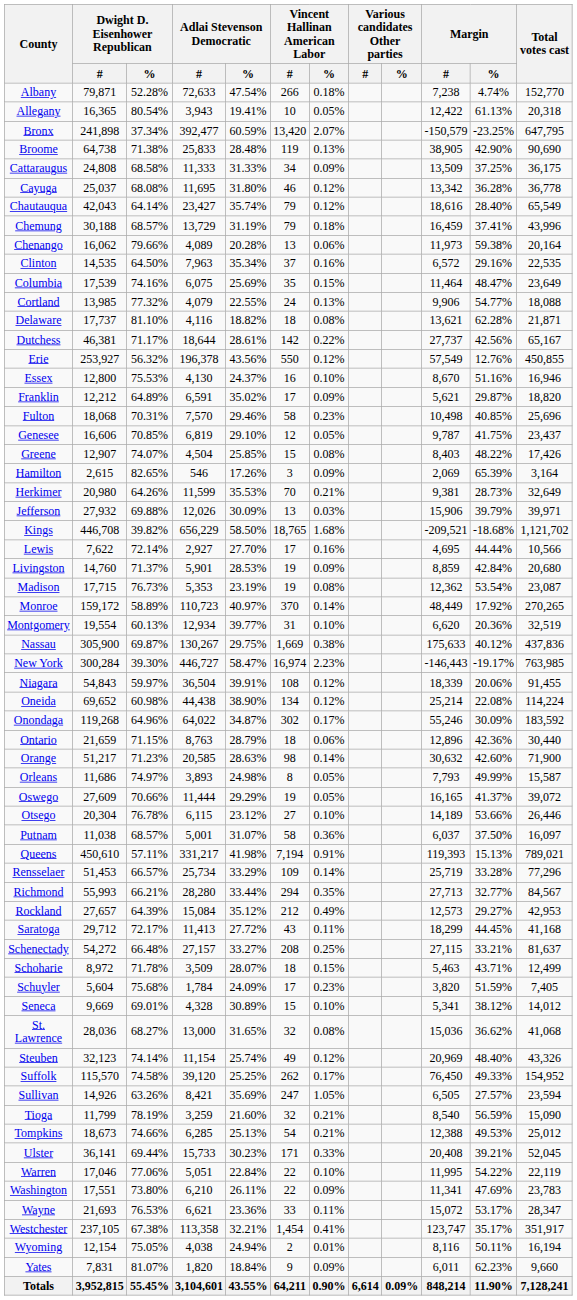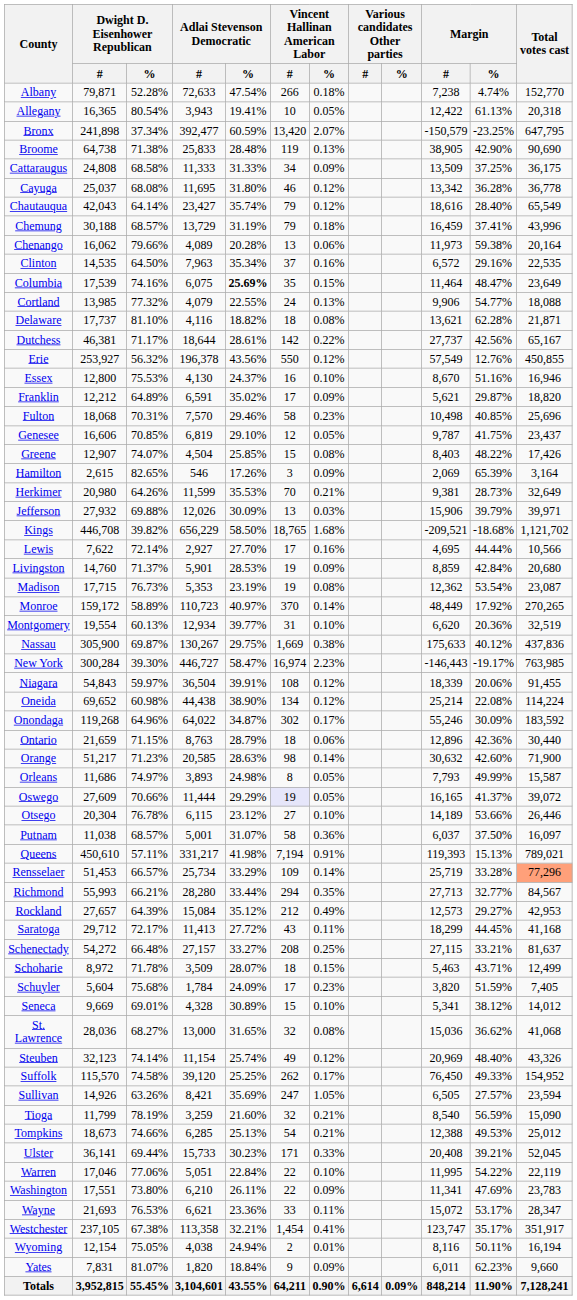 <table width="60%" class="wikitable sortable">
 <tr>
 <th style="text-align:center;" rowspan="2">County</th>
 <th style="text-align:center;" colspan="2">Dwight D. Eisenhower<br>Republican</th>
 <th style="text-align:center;" colspan="2">Adlai Stevenson<br>Democratic</th>
 <th style="text-align:center;" colspan="2">Vincent Hallinan<br>American Labor</th>
 <th style="text-align:center;" colspan="2">Various candidates<br>Other parties</th>
 <th style="text-align:center;" colspan="2">Margin</th>
 <th rowspan="2" style="text-align:center;">Total votes cast</th>
 </tr>
 <tr>
 <th style="text-align:center;" data-sort-type="number">#</th>
 <th style="text-align:center;" data-sort-type="number">%</th>
 <th style="text-align:center;" data-sort-type="number">#</th>
 <th style="text-align:center;" data-sort-type="number">%</th>
 <th style="text-align:center;" data-sort-type="number">#</th>
 <th style="text-align:center;" data-sort-type="number">%</th>
 <th style="text-align:center;" data-sort-type="number">#</th>
 <th style="text-align:center;" data-sort-type="number">%</th>
 <th style="text-align:center;" data-sort-type="number">#</th>
 <th style="text-align:center;" data-sort-type="number">%</th>
 </tr>
 <tr style="text-align:center;">
 <td><a href='#'>Albany</a></td>
 <td>79,871</td>
 <td>52.28%</td>
 <td>72,633</td>
 <td>47.54%</td>
 <td>266</td>
 <td>0.18%</td>
 <td></td>
 <td></td>
 <td>7,238</td>
 <td>4.74%</td>
 <td>152,770</td>
 </tr>
 <tr style="text-align:center;">
 <td><a href='#'>Allegany</a></td>
 <td>16,365</td>
 <td>80.54%</td>
 <td>3,943</td>
 <td>19.41%</td>
 <td>10</td>
 <td>0.05%</td>
 <td></td>
 <td></td>
 <td>12,422</td>
 <td>61.13%</td>
 <td>20,318</td>
 </tr>
 <tr style="text-align:center;">
 <td><a href='#'>Bronx</a></td>
 <td>241,898</td>
 <td>37.34%</td>
 <td>392,477</td>
 <td>60.59%</td>
 <td>13,420</td>
 <td>2.07%</td>
 <td></td>
 <td></td>
 <td>-150,579</td>
 <td>-23.25%</td>
 <td>647,795</td>
 </tr>
 <tr style="text-align:center;">
 <td><a href='#'>Broome</a></td>
 <td>64,738</td>
 <td>71.38%</td>
 <td>25,833</td>
 <td>28.48%</td>
 <td>119</td>
 <td>0.13%</td>
 <td></td>
 <td></td>
 <td>38,905</td>
 <td>42.90%</td>
 <td>90,690</td>
 </tr>
 <tr style="text-align:center;">
 <td><a href='#'>Cattaraugus</a></td>
 <td>24,808</td>
 <td>68.58%</td>
 <td>11,333</td>
 <td>31.33%</td>
 <td>34</td>
 <td>0.09%</td>
 <td></td>
 <td></td>
 <td>13,509</td>
 <td>37.25%</td>
 <td>36,175</td>
 </tr>
 <tr style="text-align:center;">
 <td><a href='#'>Cayuga</a></td>
 <td>25,037</td>
 <td>68.08%</td>
 <td>11,695</td>
 <td>31.80%</td>
 <td>46</td>
 <td>0.12%</td>
 <td></td>
 <td></td>
 <td>13,342</td>
 <td>36.28%</td>
 <td>36,778</td>
 </tr>
 <tr style="text-align:center;">
 <td><a href='#'>Chautauqua</a></td>
 <td>42,043</td>
 <td>64.14%</td>
 <td>23,427</td>
 <td>35.74%</td>
 <td>79</td>
 <td>0.12%</td>
 <td></td>
 <td></td>
 <td>18,616</td>
 <td>28.40%</td>
 <td>65,549</td>
 </tr>
 <tr style="text-align:center;">
 <td><a href='#'>Chemung</a></td>
 <td>30,188</td>
 <td>68.57%</td>
 <td>13,729</td>
 <td>31.19%</td>
 <td>79</td>
 <td>0.18%</td>
 <td></td>
 <td></td>
 <td>16,459</td>
 <td>37.41%</td>
 <td>43,996</td>
 </tr>
 <tr style="text-align:center;">
 <td><a href='#'>Chenango</a></td>
 <td>16,062</td>
 <td>79.66%</td>
 <td>4,089</td>
 <td>20.28%</td>
 <td>13</td>
 <td>0.06%</td>
 <td></td>
 <td></td>
 <td>11,973</td>
 <td>59.38%</td>
 <td>20,164</td>
 </tr>
 <tr style="text-align:center;">
 <td><a href='#'>Clinton</a></td>
 <td>14,535</td>
 <td>64.50%</td>
 <td>7,963</td>
 <td>35.34%</td>
 <td>37</td>
 <td>0.16%</td>
 <td></td>
 <td></td>
 <td>6,572</td>
 <td>29.16%</td>
 <td>22,535</td>
 </tr>
 <tr style="text-align:center;">
 <td><a href='#'>Columbia</a></td>
 <td>17,539</td>
 <td>74.16%</td>
 <td>6,075</td>
-<td>25.69%</td>
+<td><strong>25.69%</strong></td>
 <td>35</td>
 <td>0.15%</td>
 <td></td>
 <td></td>
 <td>11,464</td>
 <td>48.47%</td>
 <td>23,649</td>
 </tr>
 <tr style="text-align:center;">
 <td><a href='#'>Cortland</a></td>
 <td>13,985</td>
 <td>77.32%</td>
 <td>4,079</td>
 <td>22.55%</td>
 <td>24</td>
 <td>0.13%</td>
 <td></td>
 <td></td>
 <td>9,906</td>
 <td>54.77%</td>
 <td>18,088</td>
 </tr>
 <tr style="text-align:center;">
 <td><a href='#'>Delaware</a></td>
 <td>17,737</td>
 <td>81.10%</td>
 <td>4,116</td>
 <td>18.82%</td>
 <td>18</td>
 <td>0.08%</td>
 <td></td>
 <td></td>
 <td>13,621</td>
 <td>62.28%</td>
 <td>21,871</td>
 </tr>
 <tr style="text-align:center;">
 <td><a href='#'>Dutchess</a></td>
 <td>46,381</td>
 <td>71.17%</td>
 <td>18,644</td>
 <td>28.61%</td>
 <td>142</td>
 <td>0.22%</td>
 <td></td>
 <td></td>
 <td>27,737</td>
 <td>42.56%</td>
 <td>65,167</td>
 </tr>
 <tr style="text-align:center;">
 <td><a href='#'>Erie</a></td>
 <td>253,927</td>
 <td>56.32%</td>
 <td>196,378</td>
 <td>43.56%</td>
 <td>550</td>
 <td>0.12%</td>
 <td></td>
 <td></td>
 <td>57,549</td>
 <td>12.76%</td>
 <td>450,855</td>
 </tr>
 <tr style="text-align:center;">
 <td><a href='#'>Essex</a></td>
 <td>12,800</td>
 <td>75.53%</td>
 <td>4,130</td>
 <td>24.37%</td>
 <td>16</td>
 <td>0.10%</td>
 <td></td>
 <td></td>
 <td>8,670</td>
 <td>51.16%</td>
 <td>16,946</td>
 </tr>
 <tr style="text-align:center;">
 <td><a href='#'>Franklin</a></td>
 <td>12,212</td>
 <td>64.89%</td>
 <td>6,591</td>
 <td>35.02%</td>
 <td>17</td>
 <td>0.09%</td>
 <td></td>
 <td></td>
 <td>5,621</td>
 <td>29.87%</td>
 <td>18,820</td>
 </tr>
 <tr style="text-align:center;">
 <td><a href='#'>Fulton</a></td>
 <td>18,068</td>
 <td>70.31%</td>
 <td>7,570</td>
 <td>29.46%</td>
 <td>58</td>
 <td>0.23%</td>
 <td></td>
 <td></td>
 <td>10,498</td>
 <td>40.85%</td>
 <td>25,696</td>
 </tr>
 <tr style="text-align:center;">
 <td><a href='#'>Genesee</a></td>
 <td>16,606</td>
 <td>70.85%</td>
 <td>6,819</td>
 <td>29.10%</td>
 <td>12</td>
 <td>0.05%</td>
 <td></td>
 <td></td>
 <td>9,787</td>
 <td>41.75%</td>
 <td>23,437</td>
 </tr>
 <tr style="text-align:center;">
 <td><a href='#'>Greene</a></td>
 <td>12,907</td>
 <td>74.07%</td>
 <td>4,504</td>
 <td>25.85%</td>
 <td>15</td>
 <td>0.08%</td>
 <td></td>
 <td></td>
 <td>8,403</td>
 <td>48.22%</td>
 <td>17,426</td>
 </tr>
 <tr style="text-align:center;">
 <td><a href='#'>Hamilton</a></td>
 <td>2,615</td>
 <td>82.65%</td>
 <td>546</td>
 <td>17.26%</td>
 <td>3</td>
 <td>0.09%</td>
 <td></td>
 <td></td>
 <td>2,069</td>
 <td>65.39%</td>
 <td>3,164</td>
 </tr>
 <tr style="text-align:center;">
 <td><a href='#'>Herkimer</a></td>
 <td>20,980</td>
 <td>64.26%</td>
 <td>11,599</td>
 <td>35.53%</td>
 <td>70</td>
 <td>0.21%</td>
 <td></td>
 <td></td>
 <td>9,381</td>
 <td>28.73%</td>
 <td>32,649</td>
 </tr>
 <tr style="text-align:center;">
 <td><a href='#'>Jefferson</a></td>
 <td>27,932</td>
 <td>69.88%</td>
 <td>12,026</td>
 <td>30.09%</td>
 <td>13</td>
 <td>0.03%</td>
 <td></td>
 <td></td>
 <td>15,906</td>
 <td>39.79%</td>
 <td>39,971</td>
 </tr>
 <tr style="text-align:center;">
 <td><a href='#'>Kings</a></td>
 <td>446,708</td>
 <td>39.82%</td>
 <td>656,229</td>
 <td>58.50%</td>
 <td>18,765</td>
 <td>1.68%</td>
 <td></td>
 <td></td>
 <td>-209,521</td>
 <td>-18.68%</td>
 <td>1,121,702</td>
 </tr>
 <tr style="text-align:center;">
 <td><a href='#'>Lewis</a></td>
 <td>7,622</td>
 <td>72.14%</td>
 <td>2,927</td>
 <td>27.70%</td>
 <td>17</td>
 <td>0.16%</td>
 <td></td>
 <td></td>
 <td>4,695</td>
 <td>44.44%</td>
 <td>10,566</td>
 </tr>
 <tr style="text-align:center;">
 <td><a href='#'>Livingston</a></td>
 <td>14,760</td>
 <td>71.37%</td>
 <td>5,901</td>
 <td>28.53%</td>
 <td>19</td>
 <td>0.09%</td>
 <td></td>
 <td></td>
 <td>8,859</td>
 <td>42.84%</td>
 <td>20,680</td>
 </tr>
 <tr style="text-align:center;">
 <td><a href='#'>Madison</a></td>
 <td>17,715</td>
 <td>76.73%</td>
 <td>5,353</td>
 <td>23.19%</td>
 <td>19</td>
 <td>0.08%</td>
 <td></td>
 <td></td>
 <td>12,362</td>
 <td>53.54%</td>
 <td>23,087</td>
 </tr>
 <tr style="text-align:center;">
 <td><a href='#'>Monroe</a></td>
 <td>159,172</td>
 <td>58.89%</td>
 <td>110,723</td>
 <td>40.97%</td>
 <td>370</td>
 <td>0.14%</td>
 <td></td>
 <td></td>
 <td>48,449</td>
 <td>17.92%</td>
 <td>270,265</td>
 </tr>
 <tr style="text-align:center;">
 <td><a href='#'>Montgomery</a></td>
 <td>19,554</td>
 <td>60.13%</td>
 <td>12,934</td>
 <td>39.77%</td>
 <td>31</td>
 <td>0.10%</td>
 <td></td>
 <td></td>
 <td>6,620</td>
 <td>20.36%</td>
 <td>32,519</td>
 </tr>
 <tr style="text-align:center;">
 <td><a href='#'>Nassau</a></td>
 <td>305,900</td>
 <td>69.87%</td>
 <td>130,267</td>
 <td>29.75%</td>
 <td>1,669</td>
 <td>0.38%</td>
 <td></td>
 <td></td>
 <td>175,633</td>
 <td>40.12%</td>
 <td>437,836</td>
 </tr>
 <tr style="text-align:center;">
 <td><a href='#'>New York</a></td>
 <td>300,284</td>
 <td>39.30%</td>
 <td>446,727</td>
 <td>58.47%</td>
 <td>16,974</td>
 <td>2.23%</td>
 <td></td>
 <td></td>
 <td>-146,443</td>
 <td>-19.17%</td>
 <td>763,985</td>
 </tr>
 <tr style="text-align:center;">
 <td><a href='#'>Niagara</a></td>
 <td>54,843</td>
 <td>59.97%</td>
 <td>36,504</td>
 <td>39.91%</td>
 <td>108</td>
 <td>0.12%</td>
 <td></td>
 <td></td>
 <td>18,339</td>
 <td>20.06%</td>
 <td>91,455</td>
 </tr>
 <tr style="text-align:center;">
 <td><a href='#'>Oneida</a></td>
 <td>69,652</td>
 <td>60.98%</td>
 <td>44,438</td>
 <td>38.90%</td>
 <td>134</td>
 <td>0.12%</td>
 <td></td>
 <td></td>
 <td>25,214</td>
 <td>22.08%</td>
 <td>114,224</td>
 </tr>
 <tr style="text-align:center;">
 <td><a href='#'>Onondaga</a></td>
 <td>119,268</td>
 <td>64.96%</td>
 <td>64,022</td>
 <td>34.87%</td>
 <td>302</td>
 <td>0.17%</td>
 <td></td>
 <td></td>
 <td>55,246</td>
 <td>30.09%</td>
 <td>183,592</td>
 </tr>
 <tr style="text-align:center;">
 <td><a href='#'>Ontario</a></td>
 <td>21,659</td>
 <td>71.15%</td>
 <td>8,763</td>
 <td>28.79%</td>
 <td>18</td>
 <td>0.06%</td>
 <td></td>
 <td></td>
 <td>12,896</td>
 <td>42.36%</td>
 <td>30,440</td>
 </tr>
 <tr style="text-align:center;">
 <td><a href='#'>Orange</a></td>
 <td>51,217</td>
 <td>71.23%</td>
 <td>20,585</td>
 <td>28.63%</td>
 <td>98</td>
 <td>0.14%</td>
 <td></td>
 <td></td>
 <td>30,632</td>
 <td>42.60%</td>
 <td>71,900</td>
 </tr>
 <tr style="text-align:center;">
 <td><a href='#'>Orleans</a></td>
 <td>11,686</td>
 <td>74.97%</td>
 <td>3,893</td>
 <td>24.98%</td>
 <td>8</td>
 <td>0.05%</td>
 <td></td>
 <td></td>
 <td>7,793</td>
 <td>49.99%</td>
 <td>15,587</td>
 </tr>
 <tr style="text-align:center;">
 <td><a href='#'>Oswego</a></td>
 <td>27,609</td>
 <td>70.66%</td>
 <td>11,444</td>
 <td>29.29%</td>
-<td>19</td>
+<td style="background: lavender;">19</td>
 <td>0.05%</td>
 <td></td>
 <td></td>
 <td>16,165</td>
 <td>41.37%</td>
 <td>39,072</td>
 </tr>
 <tr style="text-align:center;">
 <td><a href='#'>Otsego</a></td>
 <td>20,304</td>
 <td>76.78%</td>
 <td>6,115</td>
 <td>23.12%</td>
 <td>27</td>
 <td>0.10%</td>
 <td></td>
 <td></td>
 <td>14,189</td>
 <td>53.66%</td>
 <td>26,446</td>
 </tr>
 <tr style="text-align:center;">
 <td><a href='#'>Putnam</a></td>
 <td>11,038</td>
 <td>68.57%</td>
 <td>5,001</td>
 <td>31.07%</td>
 <td>58</td>
 <td>0.36%</td>
 <td></td>
 <td></td>
 <td>6,037</td>
 <td>37.50%</td>
 <td>16,097</td>
 </tr>
 <tr style="text-align:center;">
 <td><a href='#'>Queens</a></td>
 <td>450,610</td>
 <td>57.11%</td>
 <td>331,217</td>
 <td>41.98%</td>
 <td>7,194</td>
 <td>0.91%</td>
 <td></td>
 <td></td>
 <td>119,393</td>
 <td>15.13%</td>
 <td>789,021</td>
 </tr>
 <tr style="text-align:center;">
 <td><a href='#'>Rensselaer</a></td>
 <td>51,453</td>
 <td>66.57%</td>
 <td>25,734</td>
 <td>33.29%</td>
 <td>109</td>
 <td>0.14%</td>
 <td></td>
 <td></td>
 <td>25,719</td>
 <td>33.28%</td>
-<td>77,296</td>
+<td style="background: lightsalmon;">77,296</td>
 </tr>
 <tr style="text-align:center;">
 <td><a href='#'>Richmond</a></td>
 <td>55,993</td>
 <td>66.21%</td>
 <td>28,280</td>
 <td>33.44%</td>
 <td>294</td>
 <td>0.35%</td>
 <td></td>
 <td></td>
 <td>27,713</td>
 <td>32.77%</td>
 <td>84,567</td>
 </tr>
 <tr style="text-align:center;">
 <td><a href='#'>Rockland</a></td>
 <td>27,657</td>
 <td>64.39%</td>
 <td>15,084</td>
 <td>35.12%</td>
 <td>212</td>
 <td>0.49%</td>
 <td></td>
 <td></td>
 <td>12,573</td>
 <td>29.27%</td>
 <td>42,953</td>
 </tr>
 <tr style="text-align:center;">
 <td><a href='#'>Saratoga</a></td>
 <td>29,712</td>
 <td>72.17%</td>
 <td>11,413</td>
 <td>27.72%</td>
 <td>43</td>
 <td>0.11%</td>
 <td></td>
 <td></td>
 <td>18,299</td>
 <td>44.45%</td>
 <td>41,168</td>
 </tr>
 <tr style="text-align:center;">
 <td><a href='#'>Schenectady</a></td>
 <td>54,272</td>
 <td>66.48%</td>
 <td>27,157</td>
 <td>33.27%</td>
 <td>208</td>
 <td>0.25%</td>
 <td></td>
 <td></td>
 <td>27,115</td>
 <td>33.21%</td>
 <td>81,637</td>
 </tr>
 <tr style="text-align:center;">
 <td><a href='#'>Schoharie</a></td>
 <td>8,972</td>
 <td>71.78%</td>
 <td>3,509</td>
 <td>28.07%</td>
 <td>18</td>
 <td>0.15%</td>
 <td></td>
 <td></td>
 <td>5,463</td>
 <td>43.71%</td>
 <td>12,499</td>
 </tr>
 <tr style="text-align:center;">
 <td><a href='#'>Schuyler</a></td>
 <td>5,604</td>
 <td>75.68%</td>
 <td>1,784</td>
 <td>24.09%</td>
 <td>17</td>
 <td>0.23%</td>
 <td></td>
 <td></td>
 <td>3,820</td>
 <td>51.59%</td>
 <td>7,405</td>
 </tr>
 <tr style="text-align:center;">
 <td><a href='#'>Seneca</a></td>
 <td>9,669</td>
 <td>69.01%</td>
 <td>4,328</td>
 <td>30.89%</td>
 <td>15</td>
 <td>0.10%</td>
 <td></td>
 <td></td>
 <td>5,341</td>
 <td>38.12%</td>
 <td>14,012</td>
 </tr>
 <tr style="text-align:center;">
 <td><a href='#'>St. Lawrence</a></td>
 <td>28,036</td>
 <td>68.27%</td>
 <td>13,000</td>
 <td>31.65%</td>
 <td>32</td>
 <td>0.08%</td>
 <td></td>
 <td></td>
 <td>15,036</td>
 <td>36.62%</td>
 <td>41,068</td>
 </tr>
 <tr style="text-align:center;">
 <td><a href='#'>Steuben</a></td>
 <td>32,123</td>
 <td>74.14%</td>
 <td>11,154</td>
 <td>25.74%</td>
 <td>49</td>
 <td>0.12%</td>
 <td></td>
 <td></td>
 <td>20,969</td>
 <td>48.40%</td>
 <td>43,326</td>
 </tr>
 <tr style="text-align:center;">
 <td><a href='#'>Suffolk</a></td>
 <td>115,570</td>
 <td>74.58%</td>
 <td>39,120</td>
 <td>25.25%</td>
 <td>262</td>
 <td>0.17%</td>
 <td></td>
 <td></td>
 <td>76,450</td>
 <td>49.33%</td>
 <td>154,952</td>
 </tr>
 <tr style="text-align:center;">
 <td><a href='#'>Sullivan</a></td>
 <td>14,926</td>
 <td>63.26%</td>
 <td>8,421</td>
 <td>35.69%</td>
 <td>247</td>
 <td>1.05%</td>
 <td></td>
 <td></td>
 <td>6,505</td>
 <td>27.57%</td>
 <td>23,594</td>
 </tr>
 <tr style="text-align:center;">
 <td><a href='#'>Tioga</a></td>
 <td>11,799</td>
 <td>78.19%</td>
 <td>3,259</td>
 <td>21.60%</td>
 <td>32</td>
 <td>0.21%</td>
 <td></td>
 <td></td>
 <td>8,540</td>
 <td>56.59%</td>
 <td>15,090</td>
 </tr>
 <tr style="text-align:center;">
 <td><a href='#'>Tompkins</a></td>
 <td>18,673</td>
 <td>74.66%</td>
 <td>6,285</td>
 <td>25.13%</td>
 <td>54</td>
 <td>0.21%</td>
 <td></td>
 <td></td>
 <td>12,388</td>
 <td>49.53%</td>
 <td>25,012</td>
 </tr>
 <tr style="text-align:center;">
 <td><a href='#'>Ulster</a></td>
 <td>36,141</td>
 <td>69.44%</td>
 <td>15,733</td>
 <td>30.23%</td>
 <td>171</td>
 <td>0.33%</td>
 <td></td>
 <td></td>
 <td>20,408</td>
 <td>39.21%</td>
 <td>52,045</td>
 </tr>
 <tr style="text-align:center;">
 <td><a href='#'>Warren</a></td>
 <td>17,046</td>
 <td>77.06%</td>
 <td>5,051</td>
 <td>22.84%</td>
 <td>22</td>
 <td>0.10%</td>
 <td></td>
 <td></td>
 <td>11,995</td>
 <td>54.22%</td>
 <td>22,119</td>
 </tr>
 <tr style="text-align:center;">
 <td><a href='#'>Washington</a></td>
 <td>17,551</td>
 <td>73.80%</td>
 <td>6,210</td>
 <td>26.11%</td>
 <td>22</td>
 <td>0.09%</td>
 <td></td>
 <td></td>
 <td>11,341</td>
 <td>47.69%</td>
 <td>23,783</td>
 </tr>
 <tr style="text-align:center;">
 <td><a href='#'>Wayne</a></td>
 <td>21,693</td>
 <td>76.53%</td>
 <td>6,621</td>
 <td>23.36%</td>
 <td>33</td>
 <td>0.11%</td>
 <td></td>
 <td></td>
 <td>15,072</td>
 <td>53.17%</td>
 <td>28,347</td>
 </tr>
 <tr style="text-align:center;">
 <td><a href='#'>Westchester</a></td>
 <td>237,105</td>
 <td>67.38%</td>
 <td>113,358</td>
 <td>32.21%</td>
 <td>1,454</td>
 <td>0.41%</td>
 <td></td>
 <td></td>
 <td>123,747</td>
 <td>35.17%</td>
 <td>351,917</td>
 </tr>
 <tr style="text-align:center;">
 <td><a href='#'>Wyoming</a></td>
 <td>12,154</td>
 <td>75.05%</td>
 <td>4,038</td>
 <td>24.94%</td>
 <td>2</td>
 <td>0.01%</td>
 <td></td>
 <td></td>
 <td>8,116</td>
 <td>50.11%</td>
 <td>16,194</td>
 </tr>
 <tr style="text-align:center;">
 <td><a href='#'>Yates</a></td>
 <td>7,831</td>
 <td>81.07%</td>
 <td>1,820</td>
 <td>18.84%</td>
 <td>9</td>
 <td>0.09%</td>
 <td></td>
 <td></td>
 <td>6,011</td>
 <td>62.23%</td>
 <td>9,660</td>
 </tr>
 <tr style="text-align:center;">
 <th>Totals</th>
 <th>3,952,815</th>
 <th>55.45%</th>
 <th>3,104,601</th>
 <th>43.55%</th>
 <th>64,211</th>
 <th>0.90%</th>
 <th>6,614</th>
 <th>0.09%</th>
 <th>848,214</th>
 <th>11.90%</th>
 <th>7,128,241</th>
 </tr>
 </table>
